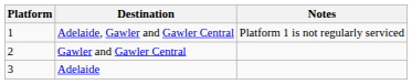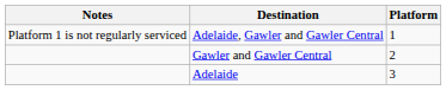 <table class="wikitable">
 <tr>
+<th>Notes</th>
+<th>Destination</th>
 <th>Platform</th>
-<th>Destination</th>
-<th>Notes</th>
 </tr>
 <tr>
+<td>Platform 1 is not regularly serviced</td>
+<td><a href='#'>Adelaide</a>, <a href='#'>Gawler</a> and <a href='#'>Gawler Central</a></td>
 <td style="background:#"><span>1</span></td>
-<td><a href='#'>Adelaide</a>, <a href='#'>Gawler</a> and <a href='#'>Gawler Central</a></td>
-<td>Platform 1 is not regularly serviced</td>
 </tr>
 <tr>
+<td></td>
+<td><a href='#'>Gawler</a> and <a href='#'>Gawler Central</a></td>
 <td style="background:#"><span>2</span></td>
-<td><a href='#'>Gawler</a> and <a href='#'>Gawler Central</a></td>
-<td></td>
 </tr>
 <tr>
+<td></td>
+<td><a href='#'>Adelaide</a></td>
 <td style="background:#"><span>3</span></td>
-<td><a href='#'>Adelaide</a></td>
-<td></td>
 </tr>
 </table>
